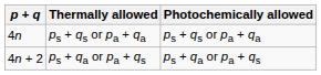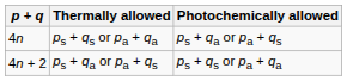 <table class="wikitable">
 <tr>
 <th><em>p + q</em></th>
 <th>Thermally allowed</th>
 <th>Photochemically allowed</th>
 </tr>
 <tr>
 <td>4<em>n</em></td>
 <td><em>p</em><sub>s</sub> + <em>q</em><sub>s</sub> or <em>p</em><sub>a</sub> + <em>q</em><sub>a</sub></td>
-<td><em>p</em><sub>s</sub> + <em>q</em><sub>s</sub> or <em>p</em><sub>a</sub> + <em>q</em><sub>a</sub></td>
+<td><em>p</em><sub>s</sub> + <em>q</em><sub>a</sub> or <em>p</em><sub>a</sub> + <em>q</em><sub>s</sub></td>
 </tr>
 <tr>
 <td>4<em>n</em> + 2</td>
 <td><em>p</em><sub>s</sub> + <em>q</em><sub>a</sub> or <em>p</em><sub>a</sub> + <em>q</em><sub>s</sub></td>
-<td><em>p</em><sub>s</sub> + <em>q</em><sub>a</sub> or <em>p</em><sub>a</sub> + <em>q</em><sub>s</sub></td>
+<td><em>p</em><sub>s</sub> + <em>q</em><sub>s</sub> or <em>p</em><sub>a</sub> + <em>q</em><sub>a</sub></td>
 </tr>
 </table>
